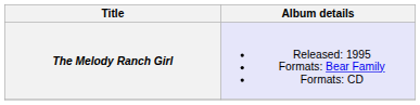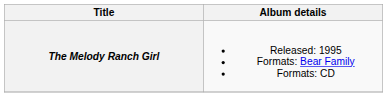 <table class="wikitable plainrowheaders" style="text-align:center;">
 <tr>
 <th scope="col" style="width:19em;">Title</th>
 <th scope="col" style="width:17em;">Album details</th>
 </tr>
 <tr>
 <th scope="row"><em>The Melody Ranch Girl</em></th>
-<td style="background: lavender;"><br><ul><li>Released: 1995</li><li>Formats: <a href='#'>Bear Family</a></li><li>Formats: CD</li></ul></td>
+<td><br><ul><li>Released: 1995</li><li>Formats: <a href='#'>Bear Family</a></li><li>Formats: CD</li></ul></td>
 </tr>
 <tr>
 </tr>
 </table>
